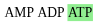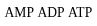 <table>
 <tr>
 <td></td>
 <td></td>
 <td></td>
 </tr>
 <tr>
 <td align="center">AMP</td>
 <td align="center">ADP</td>
-<td align="center" style="background: lightgreen;">ATP</td>
+<td align="center">ATP</td>
 </tr>
 </table>
